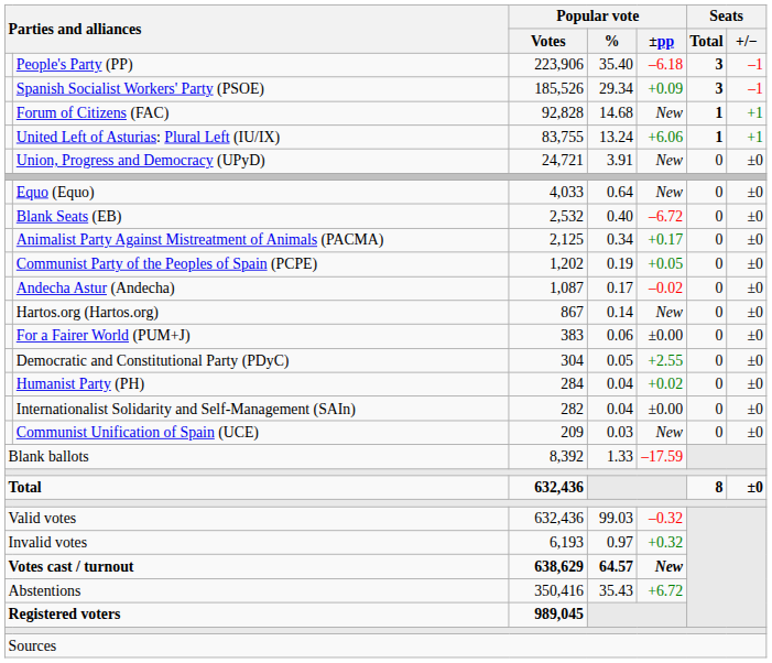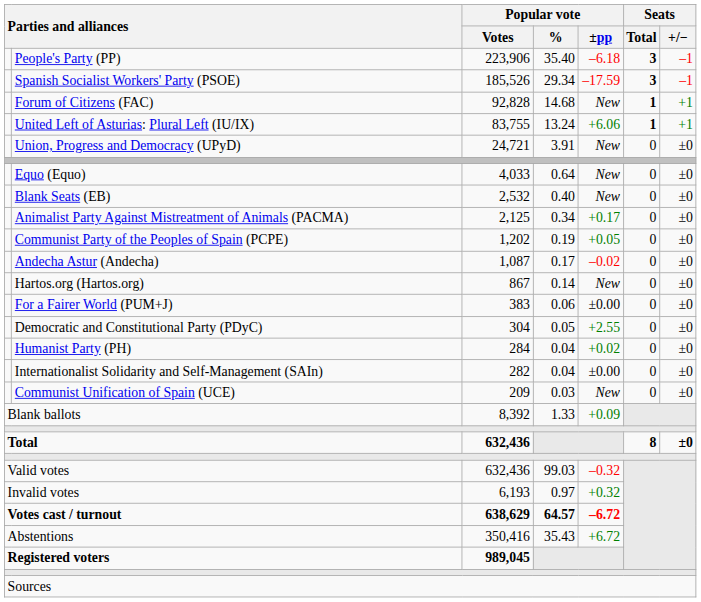 <table class="wikitable" style="text-align:right;">
 <tr>
 <th style="text-align:left;" rowspan="2" colspan="2" width="525">Parties and alliances</th>
 <th colspan="3">Popular vote</th>
 <th colspan="2">Seats</th>
 </tr>
 <tr>
 <th width="75">Votes</th>
 <th width="45">%</th>
 <th width="45">±<a href='#'>pp</a></th>
 <th width="35">Total</th>
 <th width="35">+/−</th>
 </tr>
 <tr>
 <td width="1" style="color:inherit;background:"></td>
 <td align="left"><a href='#'>People's Party</a> (PP)</td>
 <td>223,906</td>
 <td>35.40</td>
 <td style="color:red;">–6.18</td>
 <td><strong>3</strong></td>
 <td style="color:red;">–1</td>
 </tr>
 <tr>
 <td style="color:inherit;background:"></td>
 <td align="left"><a href='#'>Spanish Socialist Workers' Party</a> (PSOE)</td>
 <td>185,526</td>
 <td>29.34</td>
-<td style="color:green;">+0.09</td>
+<td style="color:red;">–17.59</td>
 <td><strong>3</strong></td>
 <td style="color:red;">–1</td>
 </tr>
 <tr>
 <td style="color:inherit;background:"></td>
 <td align="left"><a href='#'>Forum of Citizens</a> (FAC)</td>
 <td>92,828</td>
 <td>14.68</td>
 <td><em>New</em></td>
 <td><strong>1</strong></td>
 <td style="color:green;">+1</td>
 </tr>
 <tr>
 <td style="color:inherit;background:"></td>
 <td align="left"><a href='#'>United Left of Asturias</a>: <a href='#'>Plural Left</a> (IU/IX)</td>
 <td>83,755</td>
 <td>13.24</td>
 <td style="color:green;">+6.06</td>
 <td><strong>1</strong></td>
 <td style="color:green;">+1</td>
 </tr>
 <tr>
 <td style="color:inherit;background:"></td>
 <td align="left"><a href='#'>Union, Progress and Democracy</a> (UPyD)</td>
 <td>24,721</td>
 <td>3.91</td>
 <td><em>New</em></td>
 <td>0</td>
 <td>±0</td>
 </tr>
 <tr>
 <td colspan="7" bgcolor="#C0C0C0"></td>
 </tr>
 <tr>
 <td style="color:inherit;background:"></td>
 <td align="left"><a href='#'>Equo</a> (Equo)</td>
 <td>4,033</td>
 <td>0.64</td>
 <td><em>New</em></td>
 <td>0</td>
 <td>±0</td>
 </tr>
 <tr>
 <td style="color:inherit;background:"></td>
 <td align="left"><a href='#'>Blank Seats</a> (EB)</td>
 <td>2,532</td>
 <td>0.40</td>
-<td style="color:red;">–6.72</td>
+<td><em>New</em></td>
 <td>0</td>
 <td>±0</td>
 </tr>
 <tr>
 <td style="color:inherit;background:"></td>
 <td align="left"><a href='#'>Animalist Party Against Mistreatment of Animals</a> (PACMA)</td>
 <td>2,125</td>
 <td>0.34</td>
 <td style="color:green;">+0.17</td>
 <td>0</td>
 <td>±0</td>
 </tr>
 <tr>
 <td style="color:inherit;background:"></td>
 <td align="left"><a href='#'>Communist Party of the Peoples of Spain</a> (PCPE)</td>
 <td>1,202</td>
 <td>0.19</td>
 <td style="color:green;">+0.05</td>
 <td>0</td>
 <td>±0</td>
 </tr>
 <tr>
 <td style="color:inherit;background:"></td>
 <td align="left"><a href='#'>Andecha Astur</a> (Andecha)</td>
 <td>1,087</td>
 <td>0.17</td>
 <td style="color:red;">–0.02</td>
 <td>0</td>
 <td>±0</td>
 </tr>
 <tr>
 <td style="color:inherit;background:"></td>
 <td align="left">Hartos.org (Hartos.org)</td>
 <td>867</td>
 <td>0.14</td>
 <td><em>New</em></td>
 <td>0</td>
 <td>±0</td>
 </tr>
 <tr>
 <td style="color:inherit;background:"></td>
 <td align="left"><a href='#'>For a Fairer World</a> (PUM+J)</td>
 <td>383</td>
 <td>0.06</td>
 <td>±0.00</td>
 <td>0</td>
 <td>±0</td>
 </tr>
 <tr>
 <td style="color:inherit;background:"></td>
 <td align="left">Democratic and Constitutional Party (PDyC)</td>
 <td>304</td>
 <td>0.05</td>
 <td style="color:green;">+2.55</td>
 <td>0</td>
 <td>±0</td>
 </tr>
 <tr>
 <td style="color:inherit;background:"></td>
 <td align="left"><a href='#'>Humanist Party</a> (PH)</td>
 <td>284</td>
 <td>0.04</td>
 <td style="color:green;">+0.02</td>
 <td>0</td>
 <td>±0</td>
 </tr>
 <tr>
 <td style="color:inherit;background:"></td>
 <td align="left">Internationalist Solidarity and Self-Management (SAIn)</td>
 <td>282</td>
 <td>0.04</td>
 <td>±0.00</td>
 <td>0</td>
 <td>±0</td>
 </tr>
 <tr>
 <td style="color:inherit;background:"></td>
 <td align="left"><a href='#'>Communist Unification of Spain</a> (UCE)</td>
 <td>209</td>
 <td>0.03</td>
 <td><em>New</em></td>
 <td>0</td>
 <td>±0</td>
 </tr>
 <tr>
 <td align="left" colspan="2">Blank ballots</td>
 <td>8,392</td>
 <td>1.33</td>
-<td style="color:red;">–17.59</td>
+<td style="color:green;">+0.09</td>
 <td bgcolor="#E9E9E9" colspan="2"></td>
 </tr>
 <tr>
 <td colspan="7" bgcolor="#E9E9E9"></td>
 </tr>
 <tr style="font-weight:bold;">
 <td align="left" colspan="2">Total</td>
 <td>632,436</td>
 <td bgcolor="#E9E9E9" colspan="2"></td>
 <td>8</td>
 <td>±0</td>
 </tr>
 <tr>
 <td colspan="7" bgcolor="#E9E9E9"></td>
 </tr>
 <tr>
 <td align="left" colspan="2">Valid votes</td>
 <td>632,436</td>
 <td>99.03</td>
 <td style="color:red;">–0.32</td>
 <td bgcolor="#E9E9E9" colspan="2" rowspan="5"></td>
 </tr>
 <tr>
 <td align="left" colspan="2">Invalid votes</td>
 <td>6,193</td>
 <td>0.97</td>
 <td style="color:green;">+0.32</td>
 </tr>
 <tr style="font-weight:bold;">
 <td align="left" colspan="2">Votes cast / turnout</td>
 <td>638,629</td>
 <td>64.57</td>
-<td><em>New</em></td>
+<td style="color:red;">–6.72</td>
 </tr>
 <tr>
 <td align="left" colspan="2">Abstentions</td>
 <td>350,416</td>
 <td>35.43</td>
 <td style="color:green;">+6.72</td>
 </tr>
 <tr style="font-weight:bold;">
 <td align="left" colspan="2">Registered voters</td>
 <td>989,045</td>
 <td bgcolor="#E9E9E9" colspan="2"></td>
 </tr>
 <tr>
 <td colspan="7" bgcolor="#E9E9E9"></td>
 </tr>
 <tr>
 <td align="left" colspan="7">Sources</td>
 </tr>
 </table>
